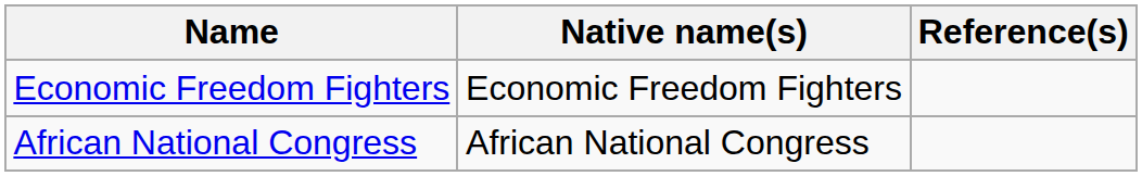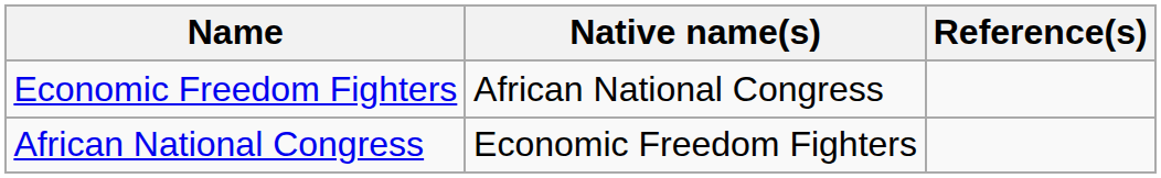 <table class="wikitable">
 <tr>
 <th>Name</th>
 <th>Native name(s)</th>
 <th>Reference(s)</th>
 </tr>
 <tr>
 <td><a href='#'>Economic Freedom Fighters</a></td>
-<td>Economic Freedom Fighters</td>
+<td>African National Congress</td>
 <td></td>
 </tr>
 <tr>
 <td><a href='#'>African National Congress</a></td>
-<td>African National Congress</td>
+<td>Economic Freedom Fighters</td>
 <td></td>
 </tr>
 </table>
